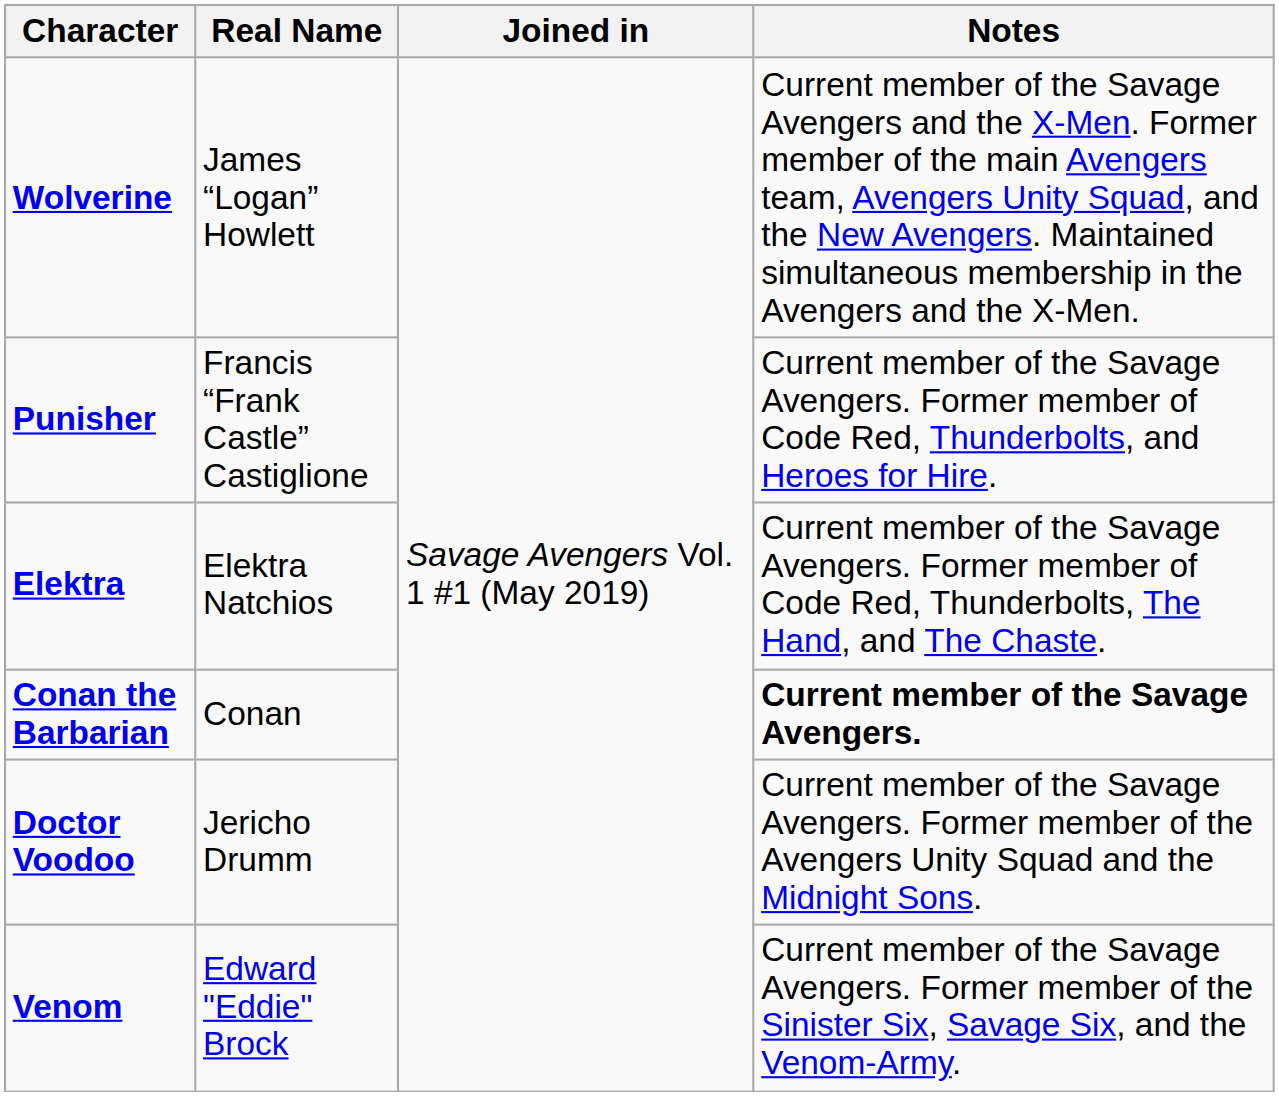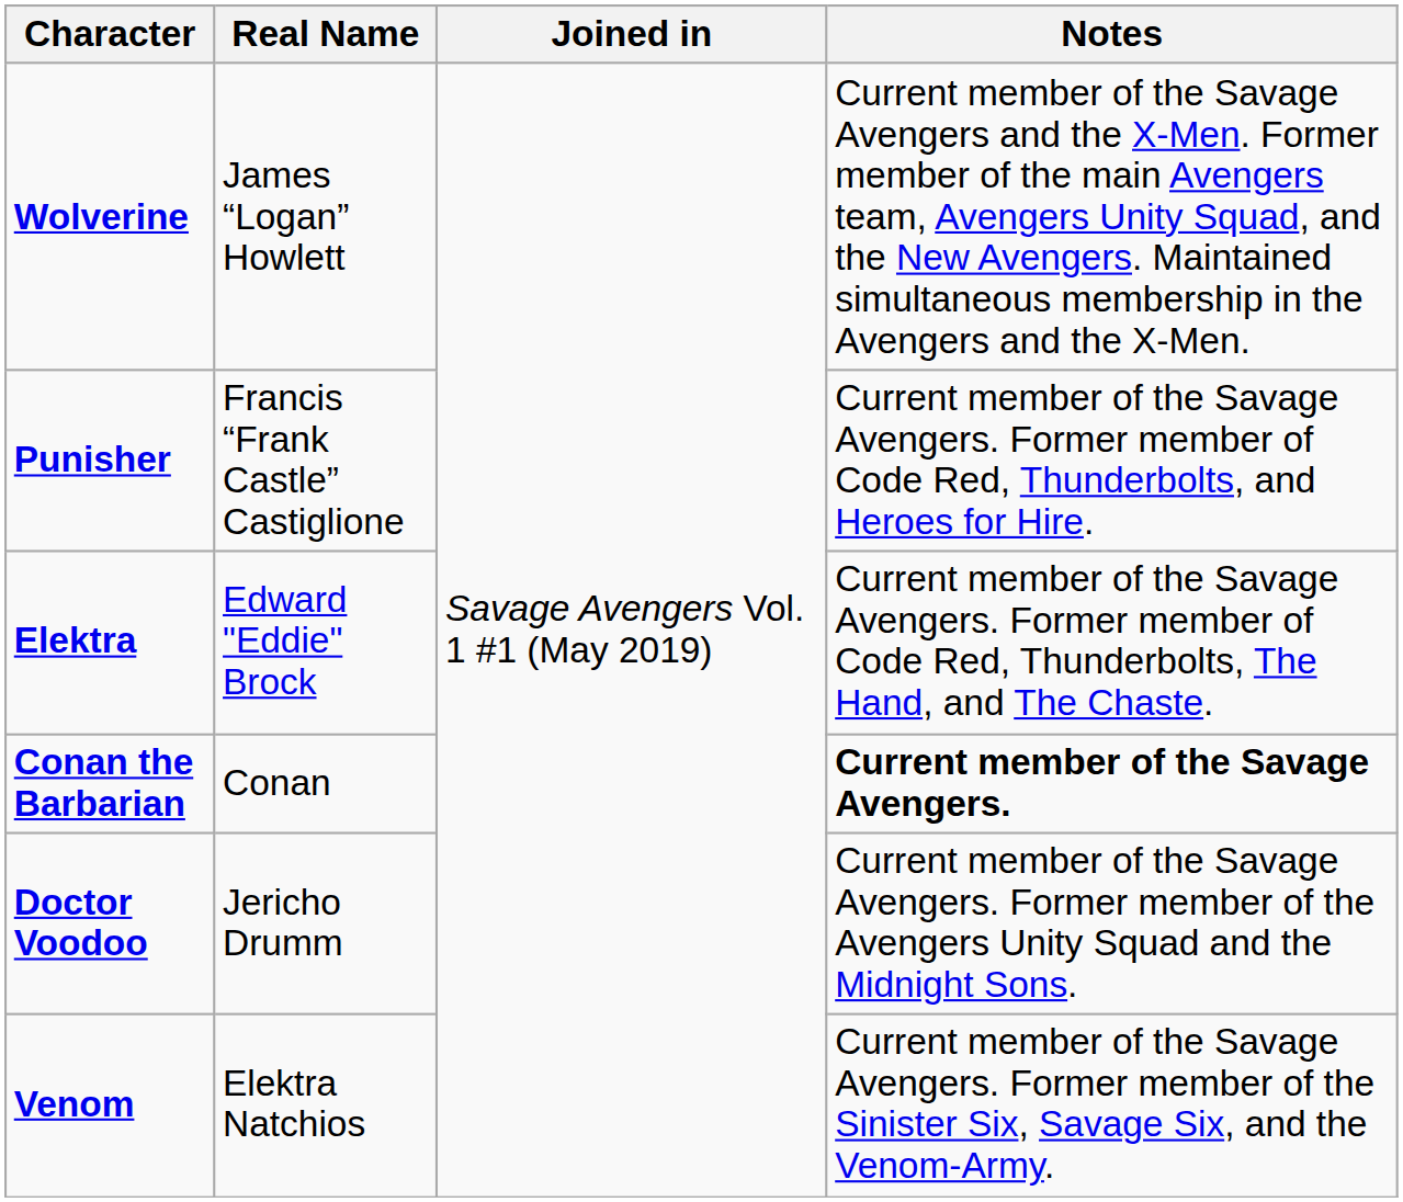 <table class="wikitable">
 <tr>
 <th width=15%>Character</th>
 <th width=16%>Real Name</th>
 <th width=28%>Joined in</th>
 <th>Notes</th>
 </tr>
 <tr>
 <td><strong><a href='#'>Wolverine</a></strong></td>
 <td>James “Logan” Howlett</td>
 <td rowspan="6"><em>Savage Avengers</em> Vol. 1 #1 (May 2019)</td>
 <td>Current member of the Savage Avengers and the <a href='#'>X-Men</a>.  Former member of the main <a href='#'>Avengers</a> team, <a href='#'>Avengers Unity Squad</a>, and the <a href='#'>New Avengers</a>. Maintained simultaneous membership in the Avengers and the X-Men.</td>
 </tr>
 <tr>
 <td><strong><a href='#'>Punisher</a></strong></td>
 <td>Francis “Frank Castle” Castiglione</td>
 <td>Current member of the Savage Avengers. Former member of Code Red, <a href='#'>Thunderbolts</a>, and <a href='#'>Heroes for Hire</a>.</td>
 </tr>
 <tr>
 <td><strong><a href='#'>Elektra</a></strong></td>
-<td>Elektra Natchios</td>
+<td><a href='#'>Edward "Eddie" Brock</a></td>
 <td>Current member of the Savage Avengers. Former member of Code Red, Thunderbolts, <a href='#'>The Hand</a>, and <a href='#'>The Chaste</a>.</td>
 </tr>
 <tr>
 <td><strong><a href='#'>Conan the Barbarian</a></strong></td>
 <td>Conan</td>
 <td><strong>Current member of the Savage Avengers.</strong></td>
 </tr>
 <tr>
 <td><strong><a href='#'>Doctor Voodoo</a></strong></td>
 <td>Jericho Drumm</td>
 <td>Current member of the Savage Avengers. Former member of the Avengers Unity Squad and the <a href='#'>Midnight Sons</a>.</td>
 </tr>
 <tr>
 <td><strong><a href='#'>Venom</a></strong></td>
-<td><a href='#'>Edward "Eddie" Brock</a></td>
+<td>Elektra Natchios</td>
 <td>Current member of the Savage Avengers. Former member of the <a href='#'>Sinister Six</a>, <a href='#'>Savage Six</a>, and the <a href='#'>Venom-Army</a>.</td>
 </tr>
 <tr>
 </tr>
 </table>
